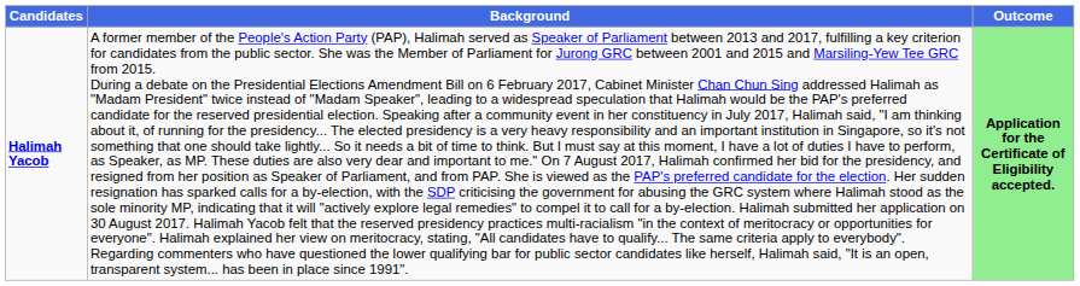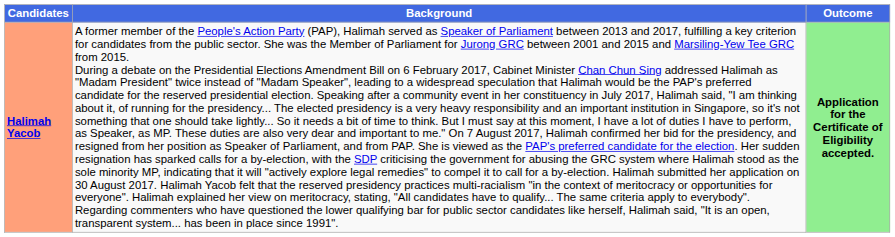 <table class="wikitable">
 <tr>
 <th style="background: RoyalBlue; color: white;">Candidates</th>
 <th style="background: RoyalBlue; color: white;">Background</th>
 <th style="background: RoyalBlue; color: white;">Outcome</th>
 </tr>
 <tr>
-<td><strong><a href='#'>Halimah Yacob</a></strong></td>
+<td style="background: lightsalmon;"><strong><a href='#'>Halimah Yacob</a></strong></td>
 <td>A former member of the <a href='#'>People's Action Party</a> (PAP), Halimah served as <a href='#'>Speaker of Parliament</a> between 2013 and 2017, fulfilling a key criterion for candidates from the public sector. She was the Member of Parliament for <a href='#'>Jurong GRC</a> between 2001 and 2015 and <a href='#'>Marsiling-Yew Tee GRC</a> from 2015.<br>During a debate on the Presidential Elections Amendment Bill on 6 February 2017, Cabinet Minister <a href='#'>Chan Chun Sing</a> addressed Halimah as "Madam President" twice instead of "Madam Speaker", leading to a widespread speculation that Halimah would be the PAP's preferred candidate for the reserved presidential election. Speaking after a community event in her constituency in July 2017, Halimah said, "I am thinking about it, of running for the presidency... The elected presidency is a very heavy responsibility and an important institution in Singapore, so it's not something that one should take lightly... So it needs a bit of time to think. But I must say at this moment, I have a lot of duties I have to perform, as Speaker, as MP. These duties are also very dear and important to me." On 7 August 2017, Halimah confirmed her bid for the presidency, and resigned from her position as Speaker of Parliament, and from PAP. She is viewed as the <a href='#'>PAP's preferred candidate for the election</a>. Her sudden resignation has sparked calls for a by-election, with the <a href='#'>SDP</a> criticising the government for abusing the GRC system where Halimah stood as the sole minority MP, indicating that it will "actively explore legal remedies" to compel it to call for a by-election. Halimah submitted her application on 30 August 2017. Halimah Yacob felt that the reserved presidency practices multi-racialism "in the context of meritocracy or opportunities for everyone". Halimah explained her view on meritocracy, stating, "All candidates have to qualify... The same criteria apply to everybody". Regarding commenters who have questioned the lower qualifying bar for public sector candidates like herself, Halimah said, "It is an open, transparent system... has been in place since 1991".</td>
 <th style="background: lightgreen;">Application for the Certificate of Eligibility accepted.</th>
 </tr>
 </table>
